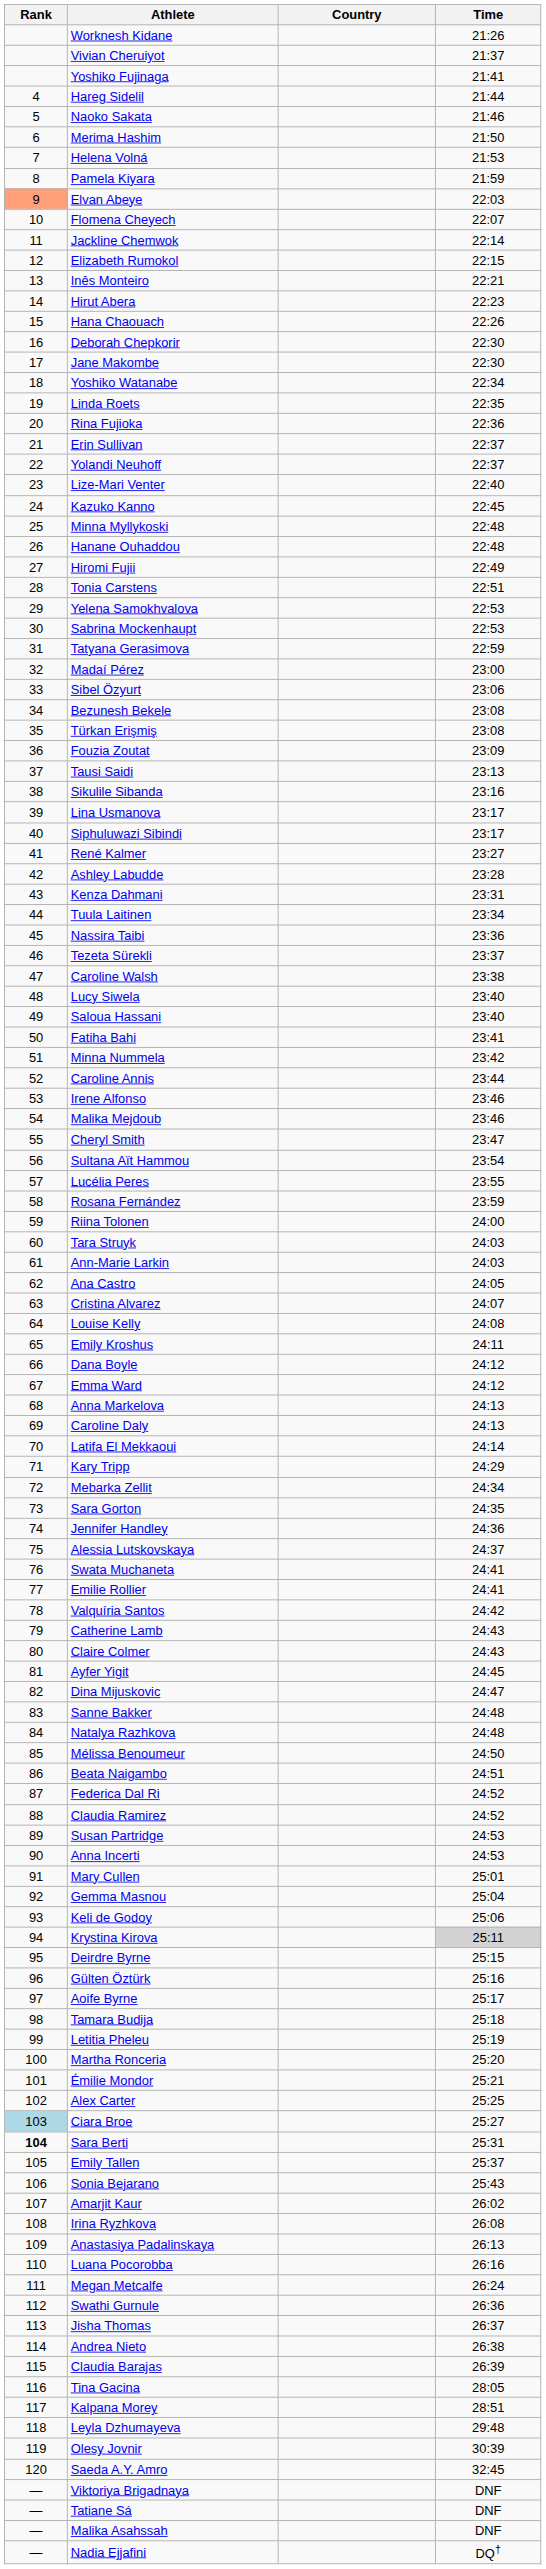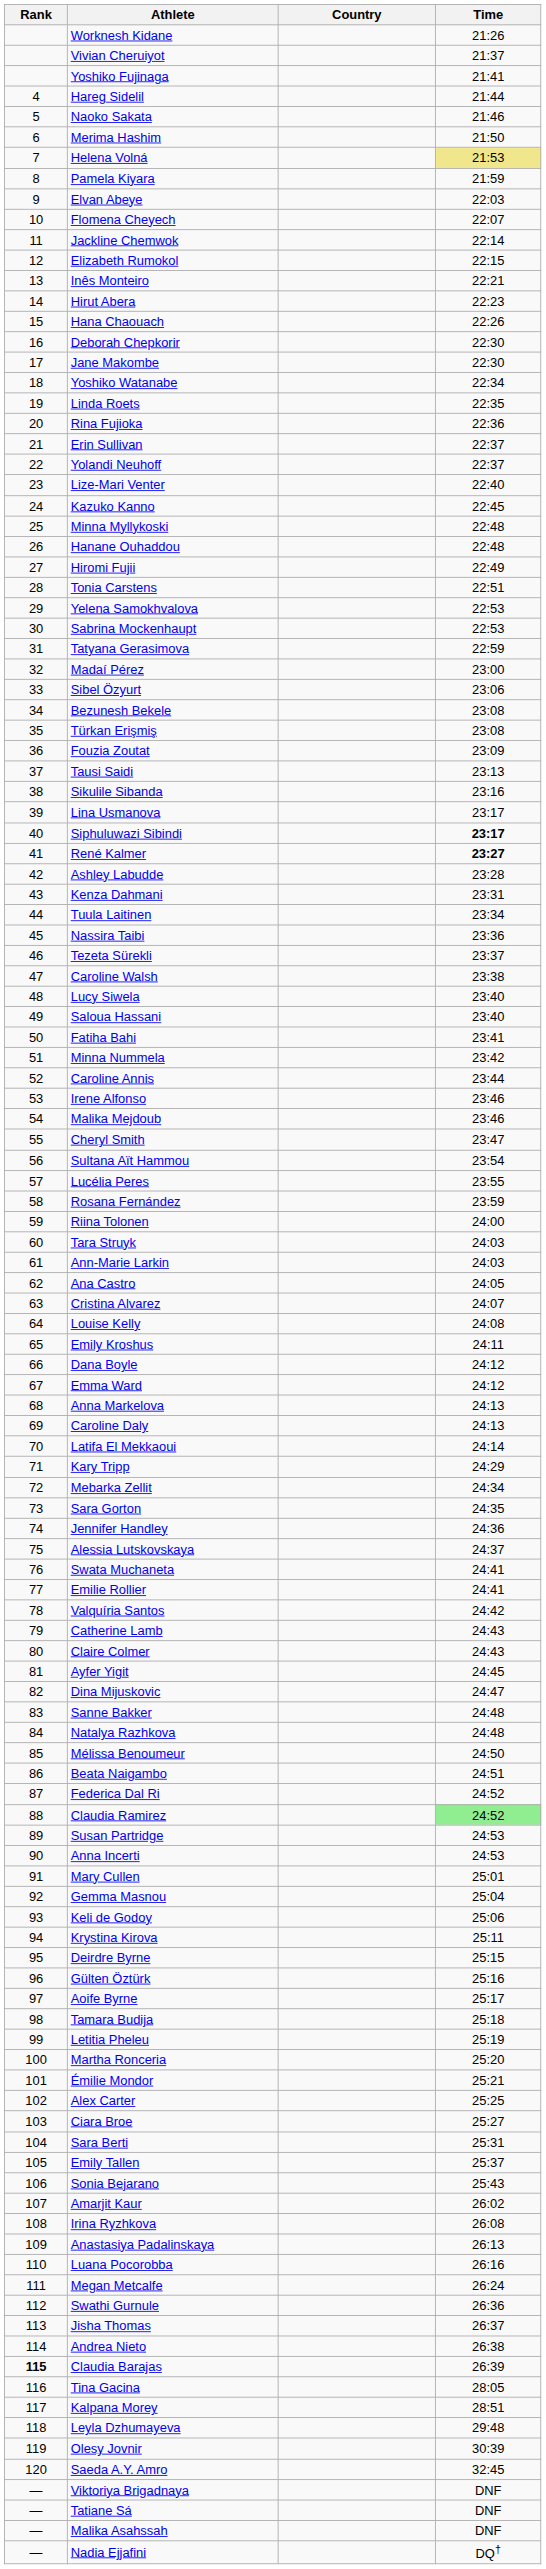 <table class="wikitable sortable" style=" text-align:center; font-size:95%;" width="50%">
 <tr>
 <th width=5%>Rank</th>
 <th width=20%>Athlete</th>
 <th width=15%>Country</th>
 <th width=10%>Time</th>
 </tr>
 <tr>
 <td align=center></td>
 <td align=left><a href='#'>Worknesh Kidane</a></td>
 <td align=left></td>
 <td>21:26</td>
 </tr>
 <tr>
 <td align=center></td>
 <td align=left><a href='#'>Vivian Cheruiyot</a></td>
 <td align=left></td>
 <td>21:37</td>
 </tr>
 <tr>
 <td align=center></td>
 <td align=left><a href='#'>Yoshiko Fujinaga</a></td>
 <td align=left></td>
 <td>21:41</td>
 </tr>
 <tr>
 <td align=center>4</td>
 <td align=left><a href='#'>Hareg Sidelil</a></td>
 <td align=left></td>
 <td>21:44</td>
 </tr>
 <tr>
 <td align=center>5</td>
 <td align=left><a href='#'>Naoko Sakata</a></td>
 <td align=left></td>
 <td>21:46</td>
 </tr>
 <tr>
 <td align=center>6</td>
 <td align=left><a href='#'>Merima Hashim</a></td>
 <td align=left></td>
 <td>21:50</td>
 </tr>
 <tr>
 <td align=center>7</td>
 <td align=left><a href='#'>Helena Volná</a></td>
 <td align=left></td>
-<td>21:53</td>
+<td style="background: khaki;">21:53</td>
 </tr>
 <tr>
 <td align=center>8</td>
 <td align=left><a href='#'>Pamela Kiyara</a></td>
 <td align=left></td>
 <td>21:59</td>
 </tr>
 <tr>
-<td align=center style="background: lightsalmon;">9</td>
+<td align=center>9</td>
 <td align=left><a href='#'>Elvan Abeye</a></td>
 <td align=left></td>
 <td>22:03</td>
 </tr>
 <tr>
 <td align=center>10</td>
 <td align=left><a href='#'>Flomena Cheyech</a></td>
 <td align=left></td>
 <td>22:07</td>
 </tr>
 <tr>
 <td align=center>11</td>
 <td align=left><a href='#'>Jackline Chemwok</a></td>
 <td align=left></td>
 <td>22:14</td>
 </tr>
 <tr>
 <td align=center>12</td>
 <td align=left><a href='#'>Elizabeth Rumokol</a></td>
 <td align=left></td>
 <td>22:15</td>
 </tr>
 <tr>
 <td align=center>13</td>
 <td align=left><a href='#'>Inês Monteiro</a></td>
 <td align=left></td>
 <td>22:21</td>
 </tr>
 <tr>
 <td align=center>14</td>
 <td align=left><a href='#'>Hirut Abera</a></td>
 <td align=left></td>
 <td>22:23</td>
 </tr>
 <tr>
 <td align=center>15</td>
 <td align=left><a href='#'>Hana Chaouach</a></td>
 <td align=left></td>
 <td>22:26</td>
 </tr>
 <tr>
 <td align=center>16</td>
 <td align=left><a href='#'>Deborah Chepkorir</a></td>
 <td align=left></td>
 <td>22:30</td>
 </tr>
 <tr>
 <td align=center>17</td>
 <td align=left><a href='#'>Jane Makombe</a></td>
 <td align=left></td>
 <td>22:30</td>
 </tr>
 <tr>
 <td align=center>18</td>
 <td align=left><a href='#'>Yoshiko Watanabe</a></td>
 <td align=left></td>
 <td>22:34</td>
 </tr>
 <tr>
 <td align=center>19</td>
 <td align=left><a href='#'>Linda Roets</a></td>
 <td align=left></td>
 <td>22:35</td>
 </tr>
 <tr>
 <td align=center>20</td>
 <td align=left><a href='#'>Rina Fujioka</a></td>
 <td align=left></td>
 <td>22:36</td>
 </tr>
 <tr>
 <td align=center>21</td>
 <td align=left><a href='#'>Erin Sullivan</a></td>
 <td align=left></td>
 <td>22:37</td>
 </tr>
 <tr>
 <td align=center>22</td>
 <td align=left><a href='#'>Yolandi Neuhoff</a></td>
 <td align=left></td>
 <td>22:37</td>
 </tr>
 <tr>
 <td align=center>23</td>
 <td align=left><a href='#'>Lize-Mari Venter</a></td>
 <td align=left></td>
 <td>22:40</td>
 </tr>
 <tr>
 <td align=center>24</td>
 <td align=left><a href='#'>Kazuko Kanno</a></td>
 <td align=left></td>
 <td>22:45</td>
 </tr>
 <tr>
 <td align=center>25</td>
 <td align=left><a href='#'>Minna Myllykoski</a></td>
 <td align=left></td>
 <td>22:48</td>
 </tr>
 <tr>
 <td align=center>26</td>
 <td align=left><a href='#'>Hanane Ouhaddou</a></td>
 <td align=left></td>
 <td>22:48</td>
 </tr>
 <tr>
 <td align=center>27</td>
 <td align=left><a href='#'>Hiromi Fujii</a></td>
 <td align=left></td>
 <td>22:49</td>
 </tr>
 <tr>
 <td align=center>28</td>
 <td align=left><a href='#'>Tonia Carstens</a></td>
 <td align=left></td>
 <td>22:51</td>
 </tr>
 <tr>
 <td align=center>29</td>
 <td align=left><a href='#'>Yelena Samokhvalova</a></td>
 <td align=left></td>
 <td>22:53</td>
 </tr>
 <tr>
 <td align=center>30</td>
 <td align=left><a href='#'>Sabrina Mockenhaupt</a></td>
 <td align=left></td>
 <td>22:53</td>
 </tr>
 <tr>
 <td align=center>31</td>
 <td align=left><a href='#'>Tatyana Gerasimova</a></td>
 <td align=left></td>
 <td>22:59</td>
 </tr>
 <tr>
 <td align=center>32</td>
 <td align=left><a href='#'>Madaí Pérez</a></td>
 <td align=left></td>
 <td>23:00</td>
 </tr>
 <tr>
 <td align=center>33</td>
 <td align=left><a href='#'>Sibel Özyurt</a></td>
 <td align=left></td>
 <td>23:06</td>
 </tr>
 <tr>
 <td align=center>34</td>
 <td align=left><a href='#'>Bezunesh Bekele</a></td>
 <td align=left></td>
 <td>23:08</td>
 </tr>
 <tr>
 <td align=center>35</td>
 <td align=left><a href='#'>Türkan Erişmiş</a></td>
 <td align=left></td>
 <td>23:08</td>
 </tr>
 <tr>
 <td align=center>36</td>
 <td align=left><a href='#'>Fouzia Zoutat</a></td>
 <td align=left></td>
 <td>23:09</td>
 </tr>
 <tr>
 <td align=center>37</td>
 <td align=left><a href='#'>Tausi Saidi</a></td>
 <td align=left></td>
 <td>23:13</td>
 </tr>
 <tr>
 <td align=center>38</td>
 <td align=left><a href='#'>Sikulile Sibanda</a></td>
 <td align=left></td>
 <td>23:16</td>
 </tr>
 <tr>
 <td align=center>39</td>
 <td align=left><a href='#'>Lina Usmanova</a></td>
 <td align=left></td>
 <td>23:17</td>
 </tr>
 <tr>
 <td align=center>40</td>
 <td align=left><a href='#'>Siphuluwazi Sibindi</a></td>
 <td align=left></td>
-<td>23:17</td>
+<td><strong>23:17</strong></td>
 </tr>
 <tr>
 <td align=center>41</td>
 <td align=left><a href='#'>René Kalmer</a></td>
 <td align=left></td>
-<td>23:27</td>
+<td><strong>23:27</strong></td>
 </tr>
 <tr>
 <td align=center>42</td>
 <td align=left><a href='#'>Ashley Labudde</a></td>
 <td align=left></td>
 <td>23:28</td>
 </tr>
 <tr>
 <td align=center>43</td>
 <td align=left><a href='#'>Kenza Dahmani</a></td>
 <td align=left></td>
 <td>23:31</td>
 </tr>
 <tr>
 <td align=center>44</td>
 <td align=left><a href='#'>Tuula Laitinen</a></td>
 <td align=left></td>
 <td>23:34</td>
 </tr>
 <tr>
 <td align=center>45</td>
 <td align=left><a href='#'>Nassira Taibi</a></td>
 <td align=left></td>
 <td>23:36</td>
 </tr>
 <tr>
 <td align=center>46</td>
 <td align=left><a href='#'>Tezeta Sürekli</a></td>
 <td align=left></td>
 <td>23:37</td>
 </tr>
 <tr>
 <td align=center>47</td>
 <td align=left><a href='#'>Caroline Walsh</a></td>
 <td align=left></td>
 <td>23:38</td>
 </tr>
 <tr>
 <td align=center>48</td>
 <td align=left><a href='#'>Lucy Siwela</a></td>
 <td align=left></td>
 <td>23:40</td>
 </tr>
 <tr>
 <td align=center>49</td>
 <td align=left><a href='#'>Saloua Hassani</a></td>
 <td align=left></td>
 <td>23:40</td>
 </tr>
 <tr>
 <td align=center>50</td>
 <td align=left><a href='#'>Fatiha Bahi</a></td>
 <td align=left></td>
 <td>23:41</td>
 </tr>
 <tr>
 <td align=center>51</td>
 <td align=left><a href='#'>Minna Nummela</a></td>
 <td align=left></td>
 <td>23:42</td>
 </tr>
 <tr>
 <td align=center>52</td>
 <td align=left><a href='#'>Caroline Annis</a></td>
 <td align=left></td>
 <td>23:44</td>
 </tr>
 <tr>
 <td align=center>53</td>
 <td align=left><a href='#'>Irene Alfonso</a></td>
 <td align=left></td>
 <td>23:46</td>
 </tr>
 <tr>
 <td align=center>54</td>
 <td align=left><a href='#'>Malika Mejdoub</a></td>
 <td align=left></td>
 <td>23:46</td>
 </tr>
 <tr>
 <td align=center>55</td>
 <td align=left><a href='#'>Cheryl Smith</a></td>
 <td align=left></td>
 <td>23:47</td>
 </tr>
 <tr>
 <td align=center>56</td>
 <td align=left><a href='#'>Sultana Aït Hammou</a></td>
 <td align=left></td>
 <td>23:54</td>
 </tr>
 <tr>
 <td align=center>57</td>
 <td align=left><a href='#'>Lucélia Peres</a></td>
 <td align=left></td>
 <td>23:55</td>
 </tr>
 <tr>
 <td align=center>58</td>
 <td align=left><a href='#'>Rosana Fernández</a></td>
 <td align=left></td>
 <td>23:59</td>
 </tr>
 <tr>
 <td align=center>59</td>
 <td align=left><a href='#'>Riina Tolonen</a></td>
 <td align=left></td>
 <td>24:00</td>
 </tr>
 <tr>
 <td align=center>60</td>
 <td align=left><a href='#'>Tara Struyk</a></td>
 <td align=left></td>
 <td>24:03</td>
 </tr>
 <tr>
 <td align=center>61</td>
 <td align=left><a href='#'>Ann-Marie Larkin</a></td>
 <td align=left></td>
 <td>24:03</td>
 </tr>
 <tr>
 <td align=center>62</td>
 <td align=left><a href='#'>Ana Castro</a></td>
 <td align=left></td>
 <td>24:05</td>
 </tr>
 <tr>
 <td align=center>63</td>
 <td align=left><a href='#'>Cristina Alvarez</a></td>
 <td align=left></td>
 <td>24:07</td>
 </tr>
 <tr>
 <td align=center>64</td>
 <td align=left><a href='#'>Louise Kelly</a></td>
 <td align=left></td>
 <td>24:08</td>
 </tr>
 <tr>
 <td align=center>65</td>
 <td align=left><a href='#'>Emily Kroshus</a></td>
 <td align=left></td>
 <td>24:11</td>
 </tr>
 <tr>
 <td align=center>66</td>
 <td align=left><a href='#'>Dana Boyle</a></td>
 <td align=left></td>
 <td>24:12</td>
 </tr>
 <tr>
 <td align=center>67</td>
 <td align=left><a href='#'>Emma Ward</a></td>
 <td align=left></td>
 <td>24:12</td>
 </tr>
 <tr>
 <td align=center>68</td>
 <td align=left><a href='#'>Anna Markelova</a></td>
 <td align=left></td>
 <td>24:13</td>
 </tr>
 <tr>
 <td align=center>69</td>
 <td align=left><a href='#'>Caroline Daly</a></td>
 <td align=left></td>
 <td>24:13</td>
 </tr>
 <tr>
 <td align=center>70</td>
 <td align=left><a href='#'>Latifa El Mekkaoui</a></td>
 <td align=left></td>
 <td>24:14</td>
 </tr>
 <tr>
 <td align=center>71</td>
 <td align=left><a href='#'>Kary Tripp</a></td>
 <td align=left></td>
 <td>24:29</td>
 </tr>
 <tr>
 <td align=center>72</td>
 <td align=left><a href='#'>Mebarka Zellit</a></td>
 <td align=left></td>
 <td>24:34</td>
 </tr>
 <tr>
 <td align=center>73</td>
 <td align=left><a href='#'>Sara Gorton</a></td>
 <td align=left></td>
 <td>24:35</td>
 </tr>
 <tr>
 <td align=center>74</td>
 <td align=left><a href='#'>Jennifer Handley</a></td>
 <td align=left></td>
 <td>24:36</td>
 </tr>
 <tr>
 <td align=center>75</td>
 <td align=left><a href='#'>Alessia Lutskovskaya</a></td>
 <td align=left></td>
 <td>24:37</td>
 </tr>
 <tr>
 <td align=center>76</td>
 <td align=left><a href='#'>Swata Muchaneta</a></td>
 <td align=left></td>
 <td>24:41</td>
 </tr>
 <tr>
 <td align=center>77</td>
 <td align=left><a href='#'>Emilie Rollier</a></td>
 <td align=left></td>
 <td>24:41</td>
 </tr>
 <tr>
 <td align=center>78</td>
 <td align=left><a href='#'>Valquíria Santos</a></td>
 <td align=left></td>
 <td>24:42</td>
 </tr>
 <tr>
 <td align=center>79</td>
 <td align=left><a href='#'>Catherine Lamb</a></td>
 <td align=left></td>
 <td>24:43</td>
 </tr>
 <tr>
 <td align=center>80</td>
 <td align=left><a href='#'>Claire Colmer</a></td>
 <td align=left></td>
 <td>24:43</td>
 </tr>
 <tr>
 <td align=center>81</td>
 <td align=left><a href='#'>Ayfer Yigit</a></td>
 <td align=left></td>
 <td>24:45</td>
 </tr>
 <tr>
 <td align=center>82</td>
 <td align=left><a href='#'>Dina Mijuskovic</a></td>
 <td align=left></td>
 <td>24:47</td>
 </tr>
 <tr>
 <td align=center>83</td>
 <td align=left><a href='#'>Sanne Bakker</a></td>
 <td align=left></td>
 <td>24:48</td>
 </tr>
 <tr>
 <td align=center>84</td>
 <td align=left><a href='#'>Natalya Razhkova</a></td>
 <td align=left></td>
 <td>24:48</td>
 </tr>
 <tr>
 <td align=center>85</td>
 <td align=left><a href='#'>Mélissa Benoumeur</a></td>
 <td align=left></td>
 <td>24:50</td>
 </tr>
 <tr>
 <td align=center>86</td>
 <td align=left><a href='#'>Beata Naigambo</a></td>
 <td align=left></td>
 <td>24:51</td>
 </tr>
 <tr>
 <td align=center>87</td>
 <td align=left><a href='#'>Federica Dal Ri</a></td>
 <td align=left></td>
 <td>24:52</td>
 </tr>
 <tr>
 <td align=center>88</td>
 <td align=left><a href='#'>Claudia Ramirez</a></td>
 <td align=left></td>
-<td>24:52</td>
+<td style="background: lightgreen;">24:52</td>
 </tr>
 <tr>
 <td align=center>89</td>
 <td align=left><a href='#'>Susan Partridge</a></td>
 <td align=left></td>
 <td>24:53</td>
 </tr>
 <tr>
 <td align=center>90</td>
 <td align=left><a href='#'>Anna Incerti</a></td>
 <td align=left></td>
 <td>24:53</td>
 </tr>
 <tr>
 <td align=center>91</td>
 <td align=left><a href='#'>Mary Cullen</a></td>
 <td align=left></td>
 <td>25:01</td>
 </tr>
 <tr>
 <td align=center>92</td>
 <td align=left><a href='#'>Gemma Masnou</a></td>
 <td align=left></td>
 <td>25:04</td>
 </tr>
 <tr>
 <td align=center>93</td>
 <td align=left><a href='#'>Keli de Godoy</a></td>
 <td align=left></td>
 <td>25:06</td>
 </tr>
 <tr>
 <td align=center>94</td>
 <td align=left><a href='#'>Krystina Kirova</a></td>
 <td align=left></td>
-<td style="background: lightgrey;">25:11</td>
+<td>25:11</td>
 </tr>
 <tr>
 <td align=center>95</td>
 <td align=left><a href='#'>Deirdre Byrne</a></td>
 <td align=left></td>
 <td>25:15</td>
 </tr>
 <tr>
 <td align=center>96</td>
 <td align=left><a href='#'>Gülten Öztürk</a></td>
 <td align=left></td>
 <td>25:16</td>
 </tr>
 <tr>
 <td align=center>97</td>
 <td align=left><a href='#'>Aoife Byrne</a></td>
 <td align=left></td>
 <td>25:17</td>
 </tr>
 <tr>
 <td align=center>98</td>
 <td align=left><a href='#'>Tamara Budija</a></td>
 <td align=left></td>
 <td>25:18</td>
 </tr>
 <tr>
 <td align=center>99</td>
 <td align=left><a href='#'>Letitia Pheleu</a></td>
 <td align=left></td>
 <td>25:19</td>
 </tr>
 <tr>
 <td align=center>100</td>
 <td align=left><a href='#'>Martha Ronceria</a></td>
 <td align=left></td>
 <td>25:20</td>
 </tr>
 <tr>
 <td align=center>101</td>
 <td align=left><a href='#'>Émilie Mondor</a></td>
 <td align=left></td>
 <td>25:21</td>
 </tr>
 <tr>
 <td align=center>102</td>
 <td align=left><a href='#'>Alex Carter</a></td>
 <td align=left></td>
 <td>25:25</td>
 </tr>
 <tr>
-<td align=center style="background: lightblue;">103</td>
+<td align=center>103</td>
 <td align=left><a href='#'>Ciara Broe</a></td>
 <td align=left></td>
 <td>25:27</td>
 </tr>
 <tr>
-<td align=center><strong>104</strong></td>
+<td align=center>104</td>
 <td align=left><a href='#'>Sara Berti</a></td>
 <td align=left></td>
 <td>25:31</td>
 </tr>
 <tr>
 <td align=center>105</td>
 <td align=left><a href='#'>Emily Tallen</a></td>
 <td align=left></td>
 <td>25:37</td>
 </tr>
 <tr>
 <td align=center>106</td>
 <td align=left><a href='#'>Sonia Bejarano</a></td>
 <td align=left></td>
 <td>25:43</td>
 </tr>
 <tr>
 <td align=center>107</td>
 <td align=left><a href='#'>Amarjit Kaur</a></td>
 <td align=left></td>
 <td>26:02</td>
 </tr>
 <tr>
 <td align=center>108</td>
 <td align=left><a href='#'>Irina Ryzhkova</a></td>
 <td align=left></td>
 <td>26:08</td>
 </tr>
 <tr>
 <td align=center>109</td>
 <td align=left><a href='#'>Anastasiya Padalinskaya</a></td>
 <td align=left></td>
 <td>26:13</td>
 </tr>
 <tr>
 <td align=center>110</td>
 <td align=left><a href='#'>Luana Pocorobba</a></td>
 <td align=left></td>
 <td>26:16</td>
 </tr>
 <tr>
 <td align=center>111</td>
 <td align=left><a href='#'>Megan Metcalfe</a></td>
 <td align=left></td>
 <td>26:24</td>
 </tr>
 <tr>
 <td align=center>112</td>
 <td align=left><a href='#'>Swathi Gurnule</a></td>
 <td align=left></td>
 <td>26:36</td>
 </tr>
 <tr>
 <td align=center>113</td>
 <td align=left><a href='#'>Jisha Thomas</a></td>
 <td align=left></td>
 <td>26:37</td>
 </tr>
 <tr>
 <td align=center>114</td>
 <td align=left><a href='#'>Andrea Nieto</a></td>
 <td align=left></td>
 <td>26:38</td>
 </tr>
 <tr>
-<td align=center>115</td>
+<td align=center><strong>115</strong></td>
 <td align=left><a href='#'>Claudia Barajas</a></td>
 <td align=left></td>
 <td>26:39</td>
 </tr>
 <tr>
 <td align=center>116</td>
 <td align=left><a href='#'>Tina Gacina</a></td>
 <td align=left></td>
 <td>28:05</td>
 </tr>
 <tr>
 <td align=center>117</td>
 <td align=left><a href='#'>Kalpana Morey</a></td>
 <td align=left></td>
 <td>28:51</td>
 </tr>
 <tr>
 <td align=center>118</td>
 <td align=left><a href='#'>Leyla Dzhumayeva</a></td>
 <td align=left></td>
 <td>29:48</td>
 </tr>
 <tr>
 <td align=center>119</td>
 <td align=left><a href='#'>Olesy Jovnir</a></td>
 <td align=left></td>
 <td>30:39</td>
 </tr>
 <tr>
 <td align=center>120</td>
 <td align=left><a href='#'>Saeda A.Y. Amro</a></td>
 <td align=left></td>
 <td>32:45</td>
 </tr>
 <tr>
 <td align=center>—</td>
 <td align=left><a href='#'>Viktoriya Brigadnaya</a></td>
 <td align=left></td>
 <td>DNF</td>
 </tr>
 <tr>
 <td align=center>—</td>
 <td align=left><a href='#'>Tatiane Sá</a></td>
 <td align=left></td>
 <td>DNF</td>
 </tr>
 <tr>
 <td align=center>—</td>
 <td align=left><a href='#'>Malika Asahssah</a></td>
 <td align=left></td>
 <td>DNF</td>
 </tr>
 <tr>
 <td align=center>—</td>
 <td align=left><a href='#'>Nadia Ejjafini</a></td>
 <td align=left></td>
 <td>DQ<sup>†</sup></td>
 </tr>
 </table>
